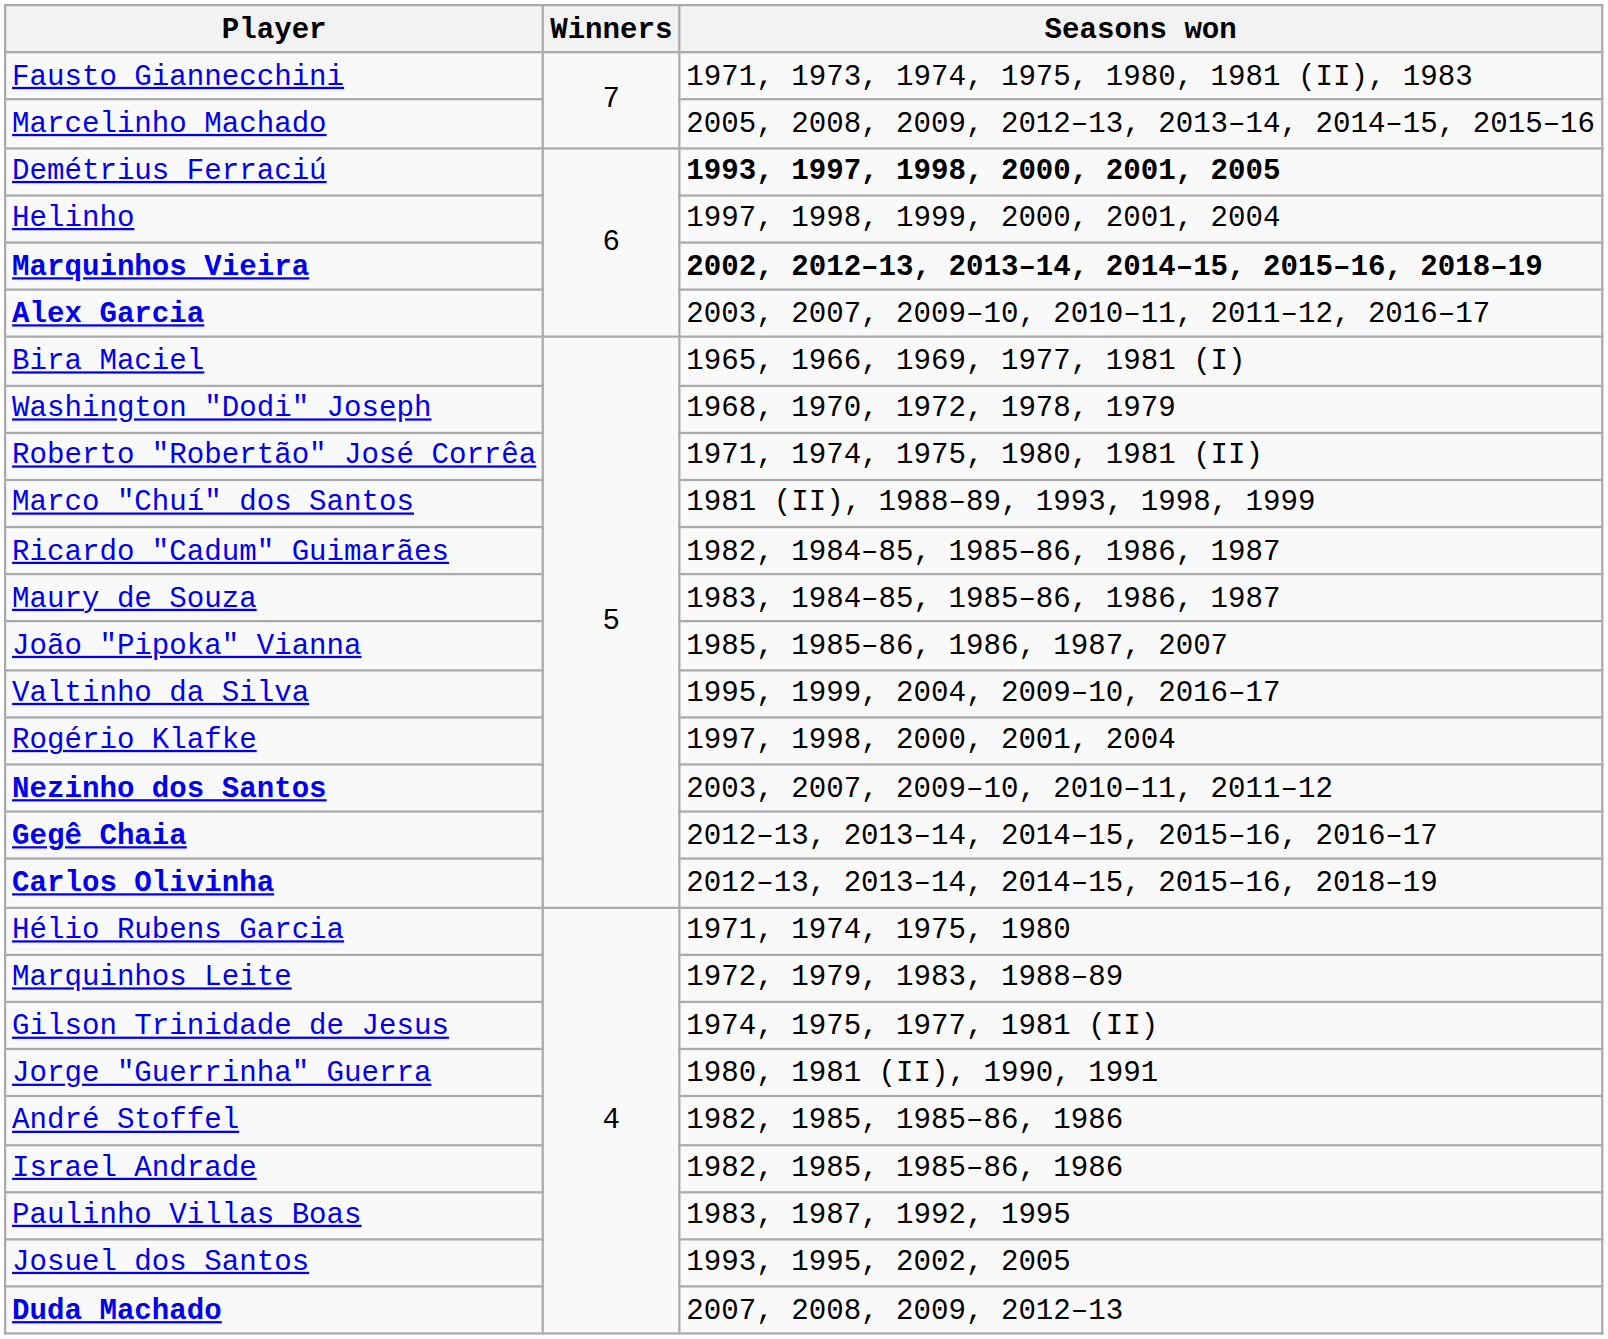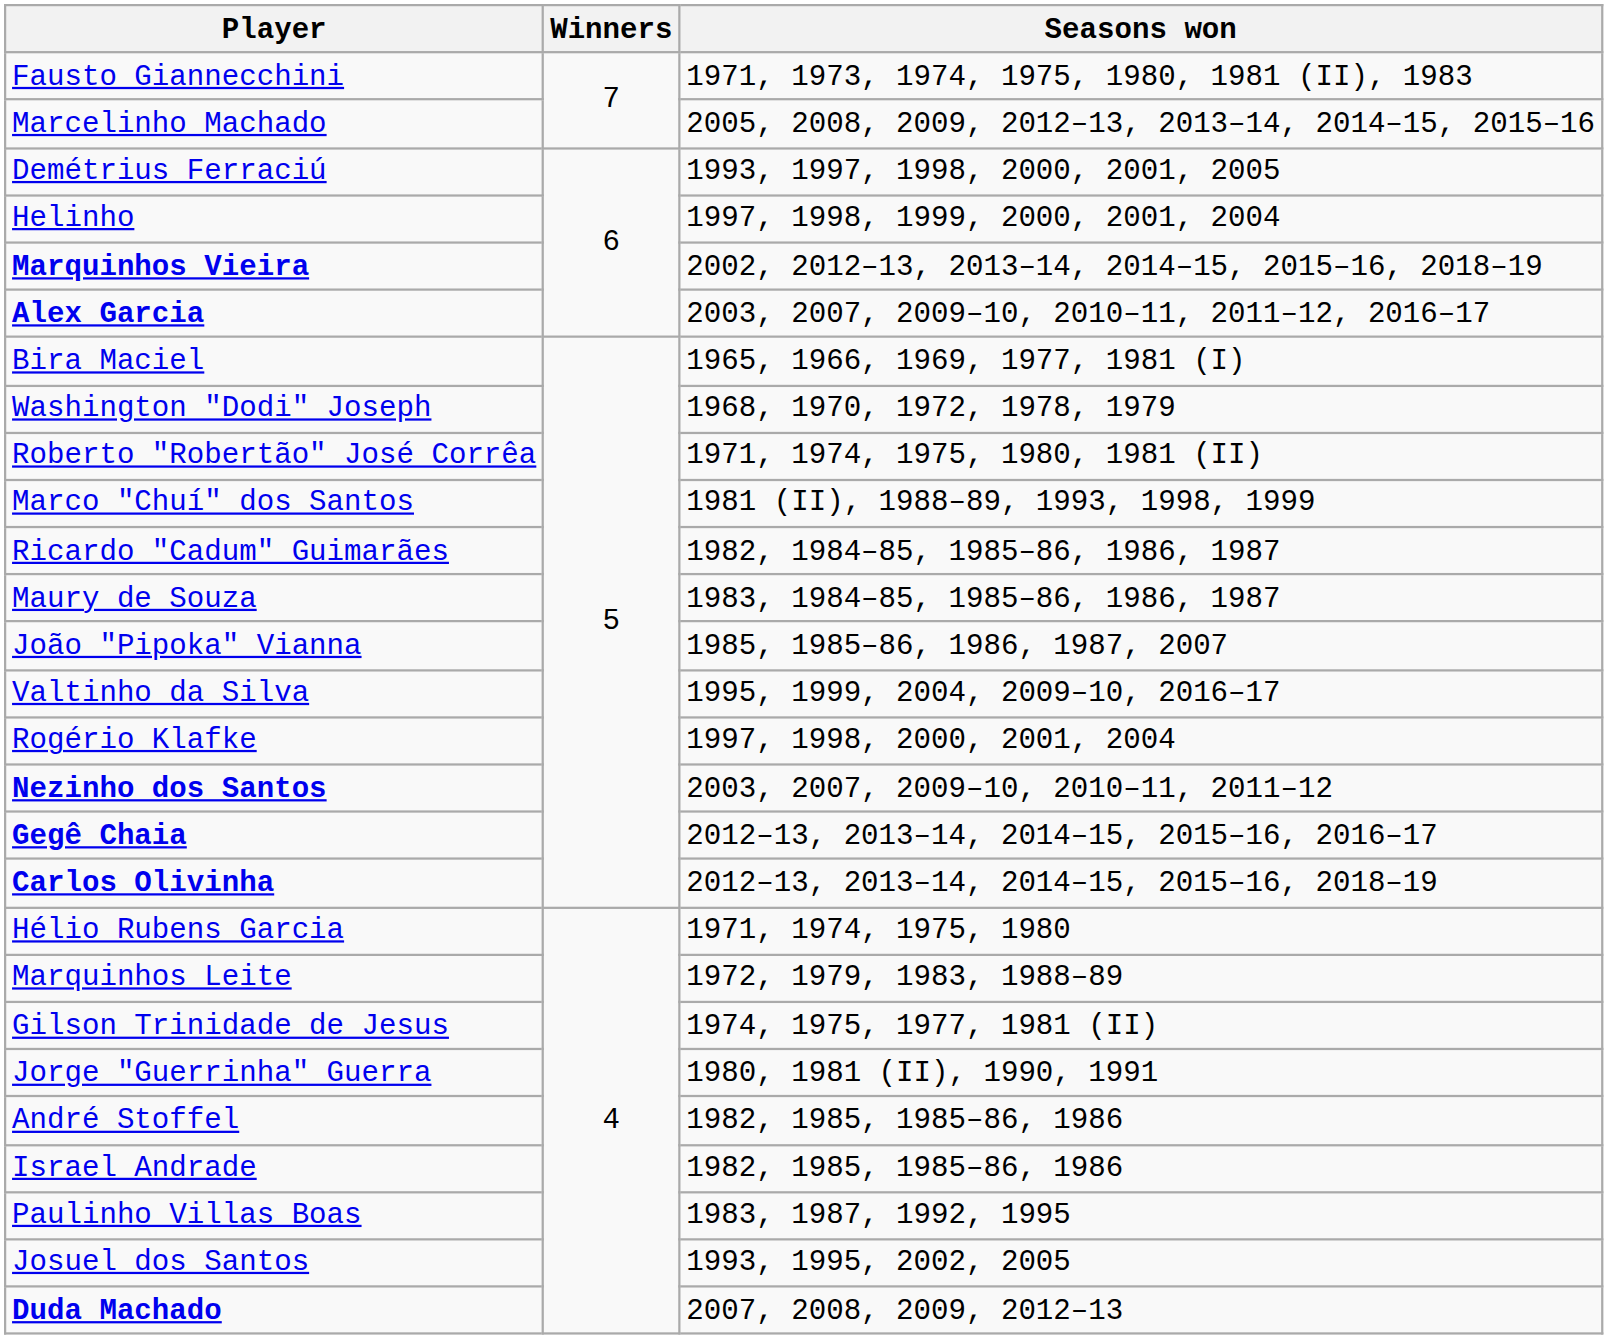 <table class="wikitable">
 <tr>
 <th>Player</th>
 <th>Winners</th>
 <th>Seasons won</th>
 </tr>
 <tr>
 <td><a href='#'>Fausto Giannecchini</a></td>
 <td rowspan="2" align="center">7</td>
 <td>1971, 1973, 1974, 1975, 1980, 1981 (II), 1983</td>
 </tr>
 <tr>
 <td><a href='#'>Marcelinho Machado</a></td>
 <td>2005, 2008, 2009, 2012–13, 2013–14, 2014–15, 2015–16</td>
 </tr>
 <tr>
 <td><a href='#'>Demétrius Ferraciú</a></td>
 <td rowspan="4" align="center">6</td>
-<td><strong>1993, 1997, 1998, 2000, 2001, 2005</strong></td>
+<td>1993, 1997, 1998, 2000, 2001, 2005</td>
 </tr>
 <tr>
 <td><a href='#'>Helinho</a></td>
 <td>1997, 1998, 1999, 2000, 2001, 2004</td>
 </tr>
 <tr>
 <td><strong><a href='#'>Marquinhos Vieira</a></strong></td>
-<td><strong>2002, 2012–13, 2013–14, 2014–15, 2015–16, 2018–19</strong></td>
+<td>2002, 2012–13, 2013–14, 2014–15, 2015–16, 2018–19</td>
 </tr>
 <tr>
 <td><strong><a href='#'>Alex Garcia</a></strong></td>
 <td>2003, 2007, 2009–10, 2010–11, 2011–12, 2016–17</td>
 </tr>
 <tr>
 <td><a href='#'>Bira Maciel</a></td>
 <td rowspan="12" align="center">5</td>
 <td>1965, 1966, 1969, 1977, 1981 (I)</td>
 </tr>
 <tr>
 <td><a href='#'>Washington "Dodi" Joseph</a></td>
 <td>1968, 1970, 1972, 1978, 1979</td>
 </tr>
 <tr>
 <td><a href='#'>Roberto "Robertão" José Corrêa</a></td>
 <td>1971, 1974, 1975, 1980, 1981 (II)</td>
 </tr>
 <tr>
 <td><a href='#'>Marco "Chuí" dos Santos</a></td>
 <td>1981 (II), 1988–89, 1993, 1998, 1999</td>
 </tr>
 <tr>
 <td><a href='#'>Ricardo "Cadum" Guimarães</a></td>
 <td>1982, 1984–85, 1985–86, 1986, 1987</td>
 </tr>
 <tr>
 <td><a href='#'>Maury de Souza</a></td>
 <td>1983, 1984–85, 1985–86, 1986, 1987</td>
 </tr>
 <tr>
 <td><a href='#'>João "Pipoka" Vianna</a></td>
 <td>1985, 1985–86, 1986, 1987, 2007</td>
 </tr>
 <tr>
 <td><a href='#'>Valtinho da Silva</a></td>
 <td>1995, 1999, 2004, 2009–10, 2016–17</td>
 </tr>
 <tr>
 <td><a href='#'>Rogério Klafke</a></td>
 <td>1997, 1998, 2000, 2001, 2004</td>
 </tr>
 <tr>
 <td><strong><a href='#'>Nezinho dos Santos</a></strong></td>
 <td>2003, 2007, 2009–10, 2010–11, 2011–12</td>
 </tr>
 <tr>
 <td><strong><a href='#'>Gegê Chaia</a></strong></td>
 <td>2012–13, 2013–14, 2014–15, 2015–16, 2016–17</td>
 </tr>
 <tr>
 <td><strong><a href='#'>Carlos Olivinha</a></strong></td>
 <td>2012–13, 2013–14, 2014–15, 2015–16, 2018–19</td>
 </tr>
 <tr>
 <td><a href='#'>Hélio Rubens Garcia</a></td>
 <td rowspan="9" align="center">4</td>
 <td>1971, 1974, 1975, 1980</td>
 </tr>
 <tr>
 <td><a href='#'>Marquinhos Leite</a></td>
 <td>1972, 1979, 1983, 1988–89</td>
 </tr>
 <tr>
 <td><a href='#'>Gilson Trinidade de Jesus</a></td>
 <td>1974, 1975, 1977, 1981 (II)</td>
 </tr>
 <tr>
 <td><a href='#'>Jorge "Guerrinha" Guerra</a></td>
 <td>1980, 1981 (II), 1990, 1991</td>
 </tr>
 <tr>
 <td><a href='#'>André Stoffel</a></td>
 <td>1982, 1985, 1985–86, 1986</td>
 </tr>
 <tr>
 <td><a href='#'>Israel Andrade</a></td>
 <td>1982, 1985, 1985–86, 1986</td>
 </tr>
 <tr>
 <td><a href='#'>Paulinho Villas Boas</a></td>
 <td>1983, 1987, 1992, 1995</td>
 </tr>
 <tr>
 <td><a href='#'>Josuel dos Santos</a></td>
 <td>1993, 1995, 2002, 2005</td>
 </tr>
 <tr>
 <td><strong><a href='#'>Duda Machado</a></strong></td>
 <td>2007, 2008, 2009, 2012–13</td>
 </tr>
 </table>
